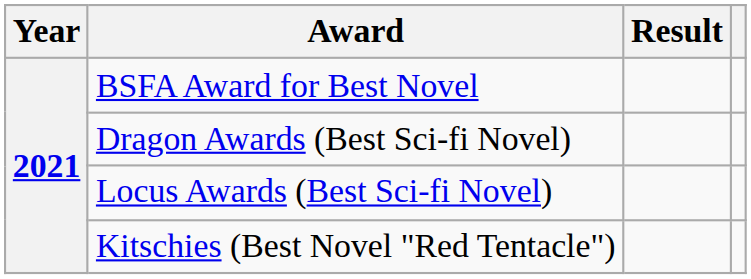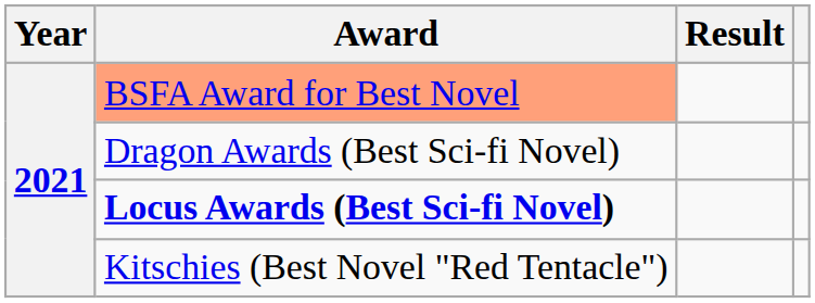 <table class="wikitable plainrowheaders sortable">
 <tr>
 <th scope="col">Year</th>
 <th scope="col">Award</th>
 <th scope="col">Result</th>
 <th scope="col" class="unsortable"></th>
 </tr>
 <tr>
 <th rowspan="4"><a href='#'>2021</a></th>
-<td><a href='#'>BSFA Award for Best Novel</a></td>
+<td style="background: lightsalmon;"><a href='#'>BSFA Award for Best Novel</a></td>
 <td></td>
 <td></td>
 </tr>
 <tr>
 <td><a href='#'>Dragon Awards</a> (Best Sci-fi Novel)</td>
 <td></td>
 <td></td>
 </tr>
 <tr>
-<td><a href='#'>Locus Awards</a> (<a href='#'>Best Sci-fi Novel</a>)</td>
+<td><strong><a href='#'>Locus Awards</a> (<a href='#'>Best Sci-fi Novel</a>)</strong></td>
 <td></td>
 <td></td>
 </tr>
 <tr>
 <td><a href='#'>Kitschies</a> (Best Novel "Red Tentacle")</td>
 <td></td>
 <td></td>
 </tr>
 </table>
